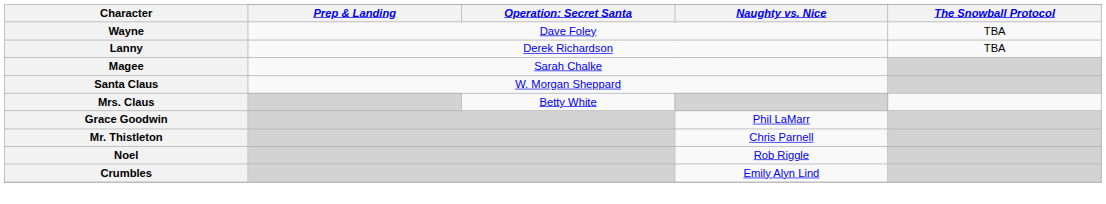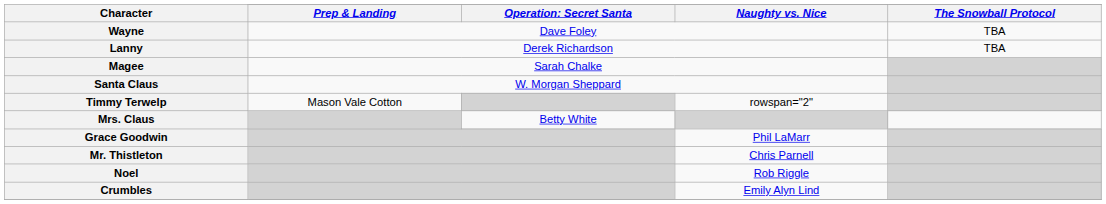 <table class="wikitable"  style="text-align:center; width:99%;">
 <tr>
 <th rowspan="2" style="width:16%;">Character</th>
 </tr>
 <tr>
 <th style="text-align:center; width:14%;"><em><a href='#'>Prep & Landing</a></em></th>
 <th style="text-align:center; width:14%;"><em><a href='#'>Operation: Secret Santa</a></em></th>
 <th style="text-align:center; width:14%;"><em><a href='#'>Naughty vs. Nice</a></em></th>
 <th style="text-align:center; width:14%;"><em><a href='#'>The Snowball Protocol</a></em></th>
 </tr>
 <tr>
 <th>Wayne</th>
 <td colspan="3"><a href='#'>Dave Foley</a></td>
 <td>TBA</td>
 </tr>
 <tr>
 <th>Lanny</th>
 <td colspan="3"><a href='#'>Derek Richardson</a></td>
 <td>TBA</td>
 </tr>
 <tr>
 <th>Magee</th>
 <td colspan="3"><a href='#'>Sarah Chalke</a></td>
 <td style="background-color:#D3D3D3;"></td>
 </tr>
 <tr>
 <th>Santa Claus</th>
 <td colspan="3"><a href='#'>W. Morgan Sheppard</a></td>
+<td style="background-color:#D3D3D3;"></td>
+</tr>
+<tr>
+<th>Timmy Terwelp</th>
+<td>Mason Vale Cotton</td>
+<td style="background-color:#D3D3D3;"></td>
+<td>rowspan="2" </td>
 <td style="background-color:#D3D3D3;"></td>
 </tr>
 <tr>
 <th>Mrs. Claus</th>
 <td style="background-color:#D3D3D3;"></td>
 <td><a href='#'>Betty White</a></td>
 <td style="background-color:#D3D3D3;"></td>
 </tr>
 <tr>
 <th>Grace Goodwin</th>
 <td colspan="2" style="background-color:#D3D3D3;"></td>
 <td><a href='#'>Phil LaMarr</a></td>
 <td style="background-color:#D3D3D3;"></td>
 </tr>
 <tr>
 <th>Mr. Thistleton</th>
 <td colspan="2" style="background-color:#D3D3D3;"></td>
 <td><a href='#'>Chris Parnell</a></td>
 <td style="background-color:#D3D3D3;"></td>
 </tr>
 <tr>
 <th>Noel</th>
 <td colspan="2" style="background-color:#D3D3D3;"></td>
 <td><a href='#'>Rob Riggle</a></td>
 <td style="background-color:#D3D3D3;"></td>
 </tr>
 <tr>
 <th>Crumbles</th>
 <td colspan="2" style="background-color:#D3D3D3;"></td>
 <td><a href='#'>Emily Alyn Lind</a></td>
 <td style="background-color:#D3D3D3;"></td>
 </tr>
 <tr>
 </tr>
 </table>
